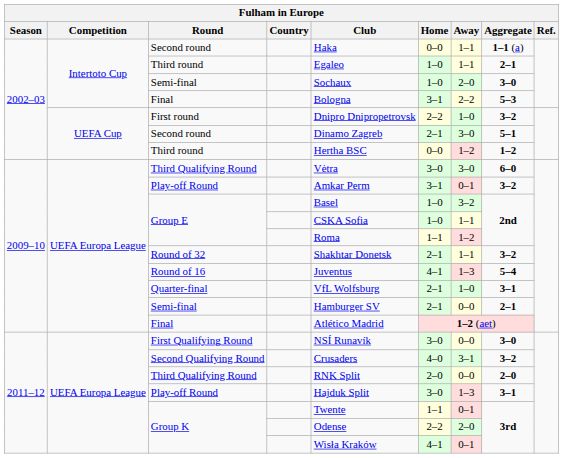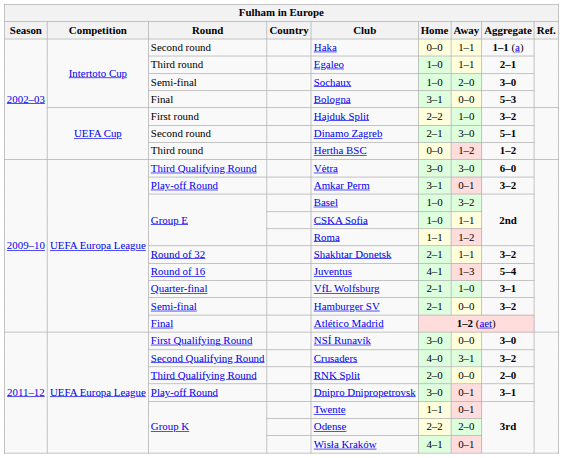 <table class="wikitable">
 <tr>
 <th colspan="9"><strong>Fulham in Europe</strong></th>
 </tr>
 <tr>
 <th>Season</th>
 <th>Competition</th>
 <th>Round</th>
 <th>Country</th>
 <th>Club</th>
 <th>Home</th>
 <th>Away</th>
 <th>Aggregate</th>
 <th>Ref.</th>
 </tr>
 <tr>
 <td rowspan="7" style="text-align:center;"><a href='#'>2002–03</a></td>
 <td rowspan="4" style="text-align:center;"><a href='#'>Intertoto Cup</a></td>
 <td>Second round</td>
 <td style="text-align:center;"></td>
 <td><a href='#'>Haka</a></td>
 <td style="text-align:center; background:#ffd;">0–0</td>
 <td style="text-align:center; background:#ffd;">1–1</td>
 <td style="text-align:center;"><strong>1–1</strong> (<a href='#'>a</a>)</td>
 <td rowspan="4" style="text-align:center;"></td>
 </tr>
 <tr>
 <td>Third round</td>
 <td style="text-align:center;"></td>
 <td><a href='#'>Egaleo</a></td>
 <td style="text-align:center; background:#dfd;">1–0</td>
 <td style="text-align:center; background:#ffd;">1–1</td>
 <td style="text-align:center;"><strong>2–1</strong></td>
 </tr>
 <tr>
 <td>Semi-final</td>
 <td style="text-align:center;"></td>
 <td><a href='#'>Sochaux</a></td>
 <td style="text-align:center; background:#dfd;">1–0</td>
 <td style="text-align:center; background:#dfd;">2–0</td>
 <td style="text-align:center;"><strong>3–0</strong></td>
 </tr>
 <tr>
 <td>Final</td>
 <td style="text-align:center;"></td>
 <td><a href='#'>Bologna</a></td>
 <td style="text-align:center; background:#dfd;">3–1</td>
-<td style="text-align:center; background:#ffd;">2–2</td>
+<td style="text-align:center; background:#ffd;">0–0</td>
 <td style="text-align:center;"><strong>5–3</strong></td>
 </tr>
 <tr>
 <td rowspan="3" style="text-align:center;"><a href='#'>UEFA Cup</a></td>
 <td>First round</td>
 <td style="text-align:center;"></td>
-<td><a href='#'>Dnipro Dnipropetrovsk</a></td>
+<td><a href='#'>Hajduk Split</a></td>
 <td style="text-align:center; background:#ffd;">2–2</td>
 <td style="text-align:center; background:#dfd;">1–0</td>
 <td style="text-align:center;"><strong>3–2</strong></td>
 <td rowspan="3" style="text-align:center;"></td>
 </tr>
 <tr>
 <td>Second round</td>
 <td style="text-align:center;"></td>
 <td><a href='#'>Dinamo Zagreb</a></td>
 <td style="text-align:center; background:#dfd;">2–1</td>
 <td style="text-align:center; background:#dfd;">3–0</td>
 <td style="text-align:center;"><strong>5–1</strong></td>
 </tr>
 <tr>
 <td>Third round</td>
 <td style="text-align:center;"></td>
 <td><a href='#'>Hertha BSC</a></td>
 <td style="text-align:center; background:#ffd;">0–0</td>
 <td style="text-align:center; background:#fdd;">1–2</td>
 <td style="text-align:center;"><strong>1–2</strong></td>
 </tr>
 <tr>
 <td rowspan="10" style="text-align:center;"><a href='#'>2009–10</a></td>
 <td rowspan="10" style="text-align:center;"><a href='#'>UEFA Europa League</a></td>
 <td><a href='#'>Third Qualifying Round</a></td>
 <td style="text-align:center;"></td>
 <td><a href='#'>Vėtra</a></td>
 <td style="text-align:center; background:#dfd;">3–0</td>
 <td style="text-align:center; background:#dfd;">3–0</td>
 <td style="text-align:center;"><strong>6–0</strong></td>
 <td rowspan="10" style="text-align:center;"></td>
 </tr>
 <tr>
 <td><a href='#'>Play-off Round</a></td>
 <td style="text-align:center;"></td>
 <td><a href='#'>Amkar Perm</a></td>
 <td style="text-align:center; background:#dfd;">3–1</td>
 <td style="text-align:center; background:#fdd;">0–1</td>
 <td style="text-align:center;"><strong>3–2</strong></td>
 </tr>
 <tr>
 <td rowspan=3><a href='#'>Group E</a></td>
 <td style="text-align:center;"></td>
 <td><a href='#'>Basel</a></td>
 <td style="text-align:center; background:#dfd;">1–0</td>
 <td style="text-align:center; background:#dfd;">3–2</td>
 <td style="text-align:center;" rowspan=3><strong>2nd</strong></td>
 </tr>
 <tr>
 <td style="text-align:center;"></td>
 <td><a href='#'>CSKA Sofia</a></td>
 <td style="text-align:center; background:#dfd;">1–0</td>
 <td style="text-align:center; background:#ffd;">1–1</td>
 </tr>
 <tr>
 <td style="text-align:center;"></td>
 <td><a href='#'>Roma</a></td>
 <td style="text-align:center; background:#ffd;">1–1</td>
 <td style="text-align:center; background:#fdd;">1–2</td>
 </tr>
 <tr>
 <td><a href='#'>Round of 32</a></td>
 <td style="text-align:center;"></td>
 <td><a href='#'>Shakhtar Donetsk</a></td>
 <td style="text-align:center; background:#dfd;">2–1</td>
 <td style="text-align:center; background:#ffd;">1–1</td>
 <td style="text-align:center;"><strong>3–2</strong></td>
 </tr>
 <tr>
 <td><a href='#'>Round of 16</a></td>
 <td style="text-align:center;"></td>
 <td><a href='#'>Juventus</a></td>
 <td style="text-align:center; background:#dfd;">4–1</td>
 <td style="text-align:center; background:#fdd;">1–3</td>
 <td style="text-align:center;"><strong>5–4</strong></td>
 </tr>
 <tr>
 <td><a href='#'>Quarter-final</a></td>
 <td style="text-align:center;"></td>
 <td><a href='#'>VfL Wolfsburg</a></td>
 <td style="text-align:center; background:#dfd;">2–1</td>
 <td style="text-align:center; background:#dfd;">1–0</td>
 <td style="text-align:center;"><strong>3–1</strong></td>
 </tr>
 <tr>
 <td><a href='#'>Semi-final</a></td>
 <td style="text-align:center;"></td>
 <td><a href='#'>Hamburger SV</a></td>
 <td style="text-align:center; background:#dfd;">2–1</td>
 <td style="text-align:center; background:#ffd;">0–0</td>
-<td style="text-align:center;"><strong>2–1</strong></td>
+<td style="text-align:center;"><strong>3–2</strong></td>
 </tr>
 <tr>
 <td><a href='#'>Final</a></td>
 <td style="text-align:center;"></td>
 <td><a href='#'>Atlético Madrid</a></td>
 <td colspan="3" style="text-align:center; background:#fdd;"><strong>1–2</strong> (<a href='#'>aet</a>)</td>
 </tr>
 <tr>
 <td rowspan="7" style="text-align:center;"><a href='#'>2011–12</a></td>
 <td rowspan="7" style="text-align:center;"><a href='#'>UEFA Europa League</a></td>
 <td><a href='#'>First Qualifying Round</a></td>
 <td style="text-align:center;"></td>
 <td><a href='#'>NSÍ Runavík</a></td>
 <td style="text-align:center; background:#dfd;">3–0</td>
 <td style="text-align:center; background:#ffd;">0–0</td>
 <td style="text-align:center;"><strong>3–0</strong></td>
 <td rowspan="7" style="text-align:center;"></td>
 </tr>
 <tr>
 <td><a href='#'>Second Qualifying Round</a></td>
 <td style="text-align:center;"></td>
 <td><a href='#'>Crusaders</a></td>
 <td style="text-align:center; background:#dfd;">4–0</td>
 <td style="text-align:center; background:#dfd;">3–1</td>
 <td style="text-align:center;"><strong>3–2</strong></td>
 </tr>
 <tr>
 <td><a href='#'>Third Qualifying Round</a></td>
 <td style="text-align:center;"></td>
 <td><a href='#'>RNK Split</a></td>
 <td style="text-align:center; background:#dfd;">2–0</td>
 <td style="text-align:center; background:#ffd;">0–0</td>
 <td style="text-align:center;"><strong>2–0</strong></td>
 </tr>
 <tr>
 <td><a href='#'>Play-off Round</a></td>
 <td style="text-align:center;"></td>
-<td><a href='#'>Hajduk Split</a></td>
+<td><a href='#'>Dnipro Dnipropetrovsk</a></td>
 <td style="text-align:center; background:#dfd;">3–0</td>
-<td style="text-align:center; background:#fdd;">1–3</td>
+<td style="text-align:center; background:#fdd;">0–1</td>
 <td style="text-align:center;"><strong>3–1</strong></td>
 </tr>
 <tr>
 <td rowspan=3><a href='#'>Group K</a></td>
 <td style="text-align:center;"></td>
 <td><a href='#'>Twente</a></td>
 <td style="text-align:center; background:#ffd;">1–1</td>
 <td style="text-align:center; background:#fdd;">0–1</td>
 <td style="text-align:center;" rowspan=3><strong>3rd</strong></td>
 </tr>
 <tr>
 <td style="text-align:center;"></td>
 <td><a href='#'>Odense</a></td>
 <td style="text-align:center; background:#ffd;">2–2</td>
 <td style="text-align:center; background:#dfd;">2–0</td>
 </tr>
 <tr>
 <td style="text-align:center;"></td>
 <td><a href='#'>Wisła Kraków</a></td>
 <td style="text-align:center; background:#dfd;">4–1</td>
 <td style="text-align:center; background:#fdd;">0–1</td>
 </tr>
 </table>
